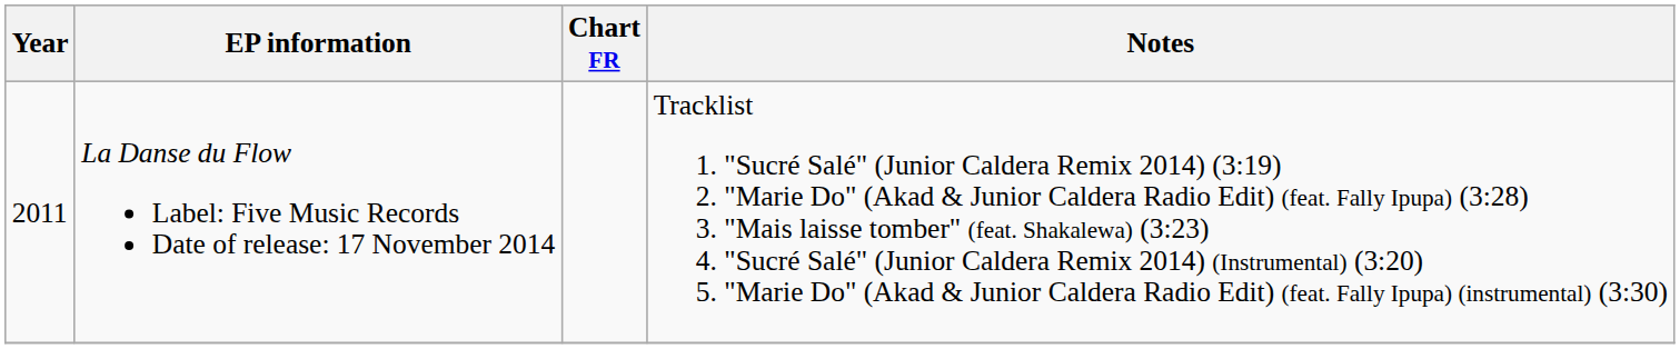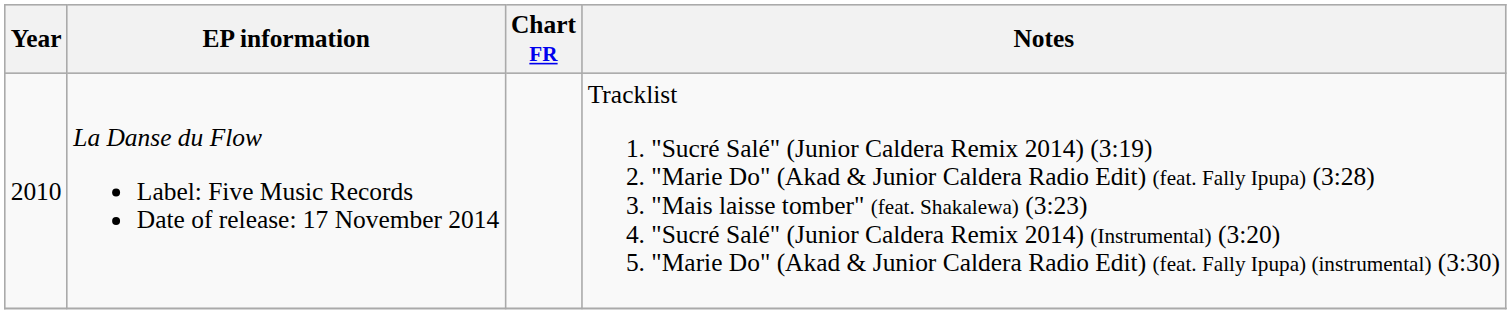 <table class="wikitable">
 <tr>
 <th align="center">Year</th>
 <th align="center">EP information</th>
 <th width="40">Chart<br><small><a href='#'>FR</a></small></th>
 <th align="center">Notes</th>
 </tr>
 <tr>
-<td>2011</td>
+<td>2010</td>
 <td><em>La Danse du Flow</em><br><ul><li>Label: Five Music Records</li><li>Date of release: 17 November 2014</li></ul></td>
 <td></td>
 <td>Tracklist<br><ol><li>"Sucré Salé" (Junior Caldera Remix 2014) (3:19)</li><li>"Marie Do" (Akad & Junior Caldera Radio Edit) <small>(feat. Fally Ipupa)</small> (3:28)</li><li>"Mais laisse tomber" <small>(feat. Shakalewa)</small> (3:23)</li><li>"Sucré Salé" (Junior Caldera Remix 2014) <small>(Instrumental)</small> (3:20)</li><li>"Marie Do" (Akad & Junior Caldera Radio Edit) <small>(feat. Fally Ipupa) (instrumental)</small> (3:30)</li></ol></td>
 </tr>
 <tr>
 </tr>
 </table>
